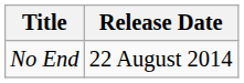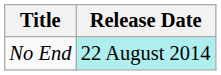 <table class="wikitable">
 <tr>
 <th>Title</th>
 <th>Release Date</th>
 </tr>
 <tr>
 <td><em>No End</em></td>
-<td>22 August 2014</td>
+<td style="background: paleturquoise;">22 August 2014</td>
 </tr>
 </table>
